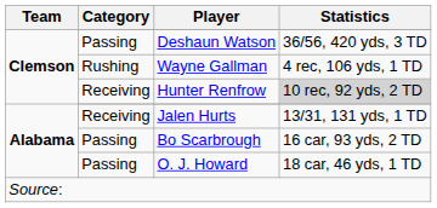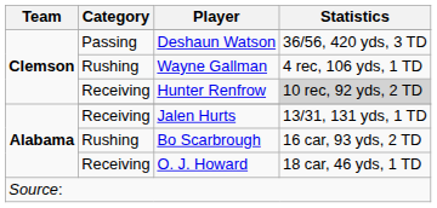 <table class="wikitable">
 <tr>
 <th>Team</th>
 <th>Category</th>
 <th>Player</th>
 <th>Statistics</th>
 </tr>
 <tr>
 <td rowspan=4 style="text-align:center; "><strong>Clemson</strong></td>
 </tr>
 <tr>
 <td>Passing</td>
 <td><a href='#'>Deshaun Watson</a></td>
 <td>36/56, 420 yds, 3 TD</td>
 </tr>
 <tr>
 <td>Rushing</td>
 <td><a href='#'>Wayne Gallman</a></td>
 <td>4 rec, 106 yds, 1 TD</td>
 </tr>
 <tr>
 <td>Receiving</td>
 <td><a href='#'>Hunter Renfrow</a></td>
 <td style="background: lightgrey;">10 rec, 92 yds, 2 TD</td>
 </tr>
 <tr>
 <td rowspan=4 style="text-align:center; "><strong>Alabama</strong></td>
 </tr>
 <tr>
 <td>Receiving</td>
 <td><a href='#'>Jalen Hurts</a></td>
 <td>13/31, 131 yds, 1 TD</td>
 </tr>
 <tr>
-<td>Passing</td>
+<td>Rushing</td>
 <td><a href='#'>Bo Scarbrough</a></td>
 <td>16 car, 93 yds, 2 TD</td>
 </tr>
 <tr>
-<td>Passing</td>
+<td>Receiving</td>
 <td><a href='#'>O. J. Howard</a></td>
 <td>18 car, 46 yds, 1 TD</td>
 </tr>
 <tr>
 <td colspan=4><em>Source</em>: </td>
 </tr>
 </table>
